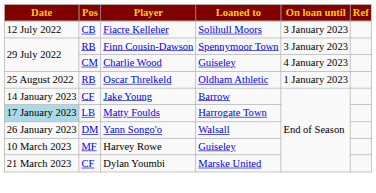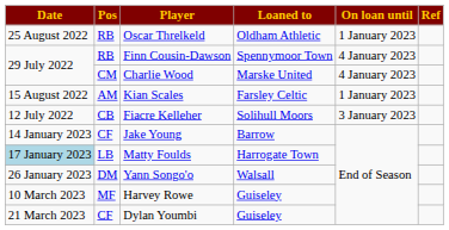 <table class="wikitable plainrowheaders sortable">
 <tr>
 <th style="background:#800000; color:#ffCC00; ">Date</th>
 <th style="background:#800000; color:#ffCC00; ">Pos</th>
 <th style="background:#800000; color:#ffCC00; ">Player</th>
 <th style="background:#800000; color:#ffCC00; ">Loaned to</th>
 <th style="background:#800000; color:#ffCC00; ">On loan until</th>
 <th style="background:#800000; color:#ffCC00; ">Ref</th>
 </tr>
 <tr>
-<td>12 July 2022</td>
-<td><a href='#'>CB</a></td>
-<td> <a href='#'>Fiacre Kelleher</a></td>
-<td> <a href='#'>Solihull Moors</a></td>
-<td>3 January 2023</td>
+<td>25 August 2022</td>
+<td><a href='#'>RB</a></td>
+<td> <a href='#'>Oscar Threlkeld</a></td>
+<td> <a href='#'>Oldham Athletic</a></td>
+<td>1 January 2023</td>
 <td></td>
 </tr>
 <tr>
 <td rowspan="2">29 July 2022</td>
 <td><a href='#'>RB</a></td>
 <td> <a href='#'>Finn Cousin-Dawson</a></td>
 <td> <a href='#'>Spennymoor Town</a></td>
-<td>3 January 2023</td>
+<td>4 January 2023</td>
 <td></td>
 </tr>
 <tr>
 <td><a href='#'>CM</a></td>
 <td> <a href='#'>Charlie Wood</a></td>
-<td> <a href='#'>Guiseley</a></td>
+<td> <a href='#'>Marske United</a></td>
 <td>4 January 2023</td>
 <td></td>
 </tr>
 <tr>
-<td>25 August 2022</td>
-<td><a href='#'>RB</a></td>
-<td> <a href='#'>Oscar Threlkeld</a></td>
-<td> <a href='#'>Oldham Athletic</a></td>
+<td>15 August 2022</td>
+<td><a href='#'>AM</a></td>
+<td> <a href='#'>Kian Scales</a></td>
+<td> <a href='#'>Farsley Celtic</a></td>
 <td>1 January 2023</td>
+<td></td>
+</tr>
+<tr>
+<td>12 July 2022</td>
+<td><a href='#'>CB</a></td>
+<td> <a href='#'>Fiacre Kelleher</a></td>
+<td> <a href='#'>Solihull Moors</a></td>
+<td>3 January 2023</td>
 <td></td>
 </tr>
 <tr>
 <td>14 January 2023</td>
 <td><a href='#'>CF</a></td>
 <td> <a href='#'>Jake Young</a></td>
 <td> <a href='#'>Barrow</a></td>
 <td rowspan="5">End of Season</td>
 <td></td>
 </tr>
 <tr>
 <td style="background: lightblue;">17 January 2023</td>
 <td><a href='#'>LB</a></td>
 <td> <a href='#'>Matty Foulds</a></td>
 <td> <a href='#'>Harrogate Town</a></td>
 <td></td>
 </tr>
 <tr>
 <td>26 January 2023</td>
 <td><a href='#'>DM</a></td>
 <td> <a href='#'>Yann Songo'o</a></td>
 <td> <a href='#'>Walsall</a></td>
 <td></td>
 </tr>
 <tr>
 <td>10 March 2023</td>
 <td><a href='#'>MF</a></td>
 <td> Harvey Rowe</td>
 <td> <a href='#'>Guiseley</a></td>
 <td></td>
 </tr>
 <tr>
 <td>21 March 2023</td>
 <td><a href='#'>CF</a></td>
 <td> Dylan Youmbi</td>
-<td> <a href='#'>Marske United</a></td>
+<td> <a href='#'>Guiseley</a></td>
 <td></td>
 </tr>
 </table>
